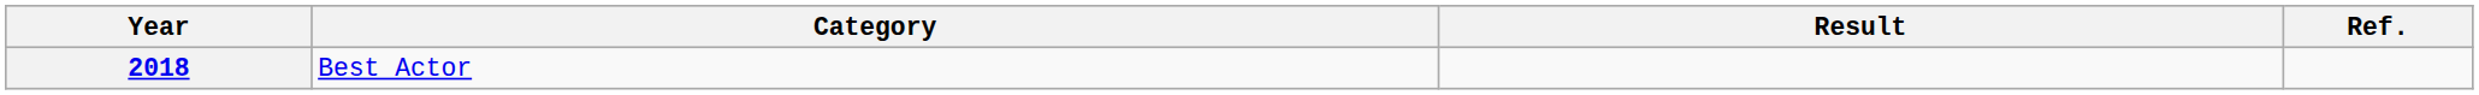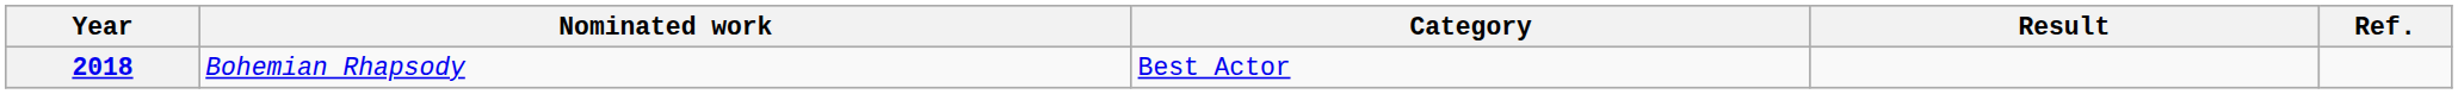 <table class="wikitable">
 <tr>
 <th width=2%>Year</th>
+<th width=11%>Nominated work</th>
 <th width=8%>Category</th>
 <th width=6%>Result</th>
 <th width=1%>Ref.</th>
 </tr>
 <tr>
 <th scope=row><a href='#'>2018</a></th>
+<td rowspan="1"><em><a href='#'>Bohemian Rhapsody</a></em></td>
 <td rowspan="1"><a href='#'>Best Actor</a></td>
 <td></td>
 <td style="text-align:center;"></td>
 </tr>
 </table>
